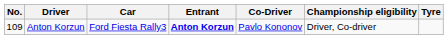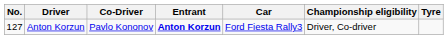 <table class="wikitable" style="font-size: 85%;">
 <tr>
 <th>No.</th>
 <th>Driver</th>
+<th>Co-Driver</th>
+<th>Entrant</th>
 <th>Car</th>
-<th>Entrant</th>
-<th>Co-Driver</th>
 <th>Championship eligibility</th>
 <th>Tyre</th>
 </tr>
 <tr>
-<td align="center">109</td>
+<td align="center">127</td>
 <td> <a href='#'>Anton Korzun</a></td>
+<td> <a href='#'>Pavlo Kononov</a></td>
+<td><strong> <a href='#'>Anton Korzun</a></strong></td>
 <td><a href='#'>Ford Fiesta Rally3</a></td>
-<td><strong> <a href='#'>Anton Korzun</a></strong></td>
-<td> <a href='#'>Pavlo Kononov</a></td>
 <td>Driver, Co-driver</td>
 <td align="center"></td>
 </tr>
 </table>
